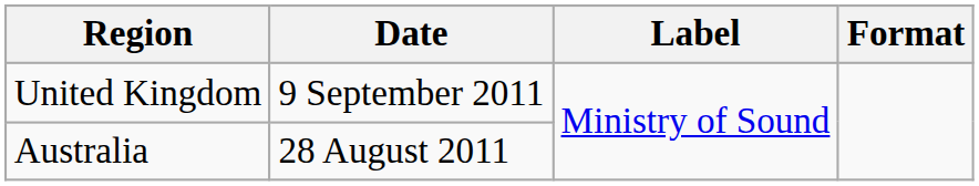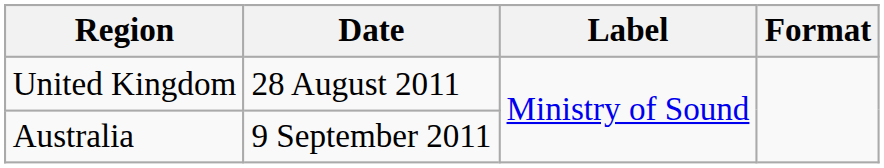 <table class=wikitable>
 <tr>
 <th>Region</th>
 <th>Date</th>
 <th>Label</th>
 <th>Format</th>
 </tr>
 <tr>
 <td>United Kingdom</td>
-<td>9 September 2011</td>
+<td>28 August 2011</td>
 <td rowspan="2"><a href='#'>Ministry of Sound</a></td>
 <td rowspan="2"></td>
 </tr>
 <tr>
 <td>Australia</td>
-<td>28 August 2011</td>
+<td>9 September 2011</td>
 </tr>
 </table>
